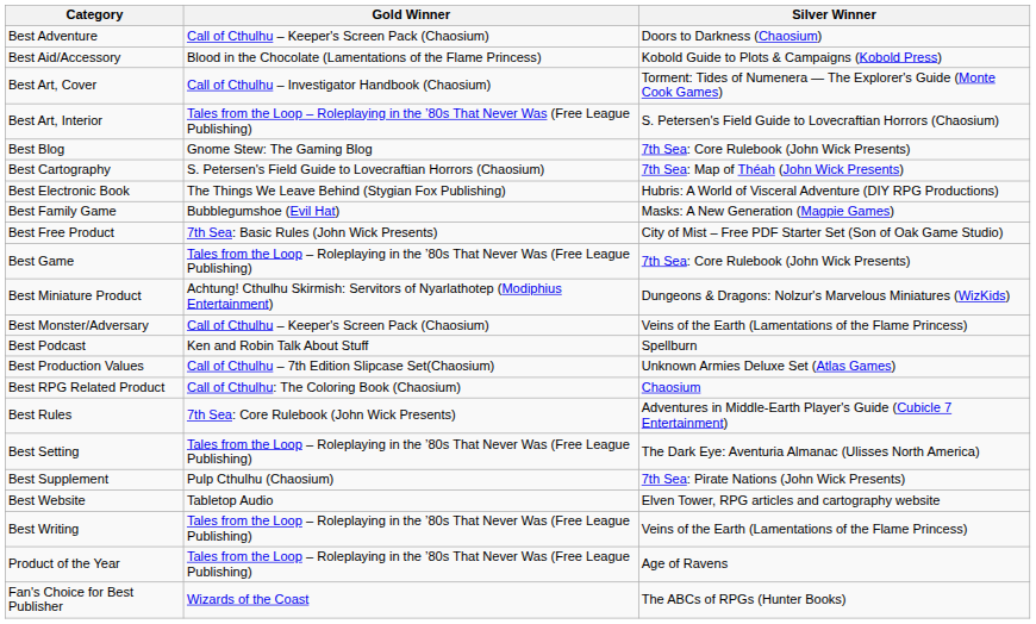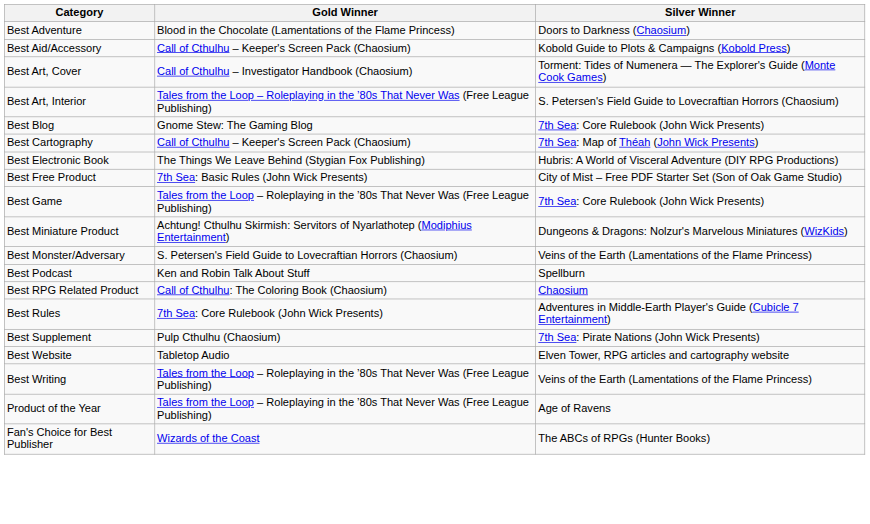 <table class="wikitable">
 <tr>
 <th>Category</th>
 <th>Gold Winner</th>
 <th>Silver Winner</th>
 </tr>
 <tr>
 <td>Best Adventure</td>
-<td><a href='#'>Call of Cthulhu</a> – Keeper's Screen Pack (Chaosium)</td>
+<td>Blood in the Chocolate (Lamentations of the Flame Princess)</td>
 <td>Doors to Darkness (<a href='#'>Chaosium</a>)</td>
 </tr>
 <tr>
 <td>Best Aid/Accessory</td>
-<td>Blood in the Chocolate (Lamentations of the Flame Princess)</td>
+<td><a href='#'>Call of Cthulhu</a> – Keeper's Screen Pack (Chaosium)</td>
 <td>Kobold Guide to Plots & Campaigns (<a href='#'>Kobold Press</a>)</td>
 </tr>
 <tr>
 <td>Best Art, Cover</td>
 <td><a href='#'>Call of Cthulhu</a> – Investigator Handbook (Chaosium)</td>
 <td>Torment: Tides of Numenera — The Explorer's Guide (<a href='#'>Monte Cook Games</a>)</td>
 </tr>
 <tr>
 <td>Best Art, Interior</td>
 <td><a href='#'>Tales from the Loop – Roleplaying in the ’80s That Never Was</a> (Free League Publishing)</td>
 <td>S. Petersen's Field Guide to Lovecraftian Horrors (Chaosium)</td>
 </tr>
 <tr>
 <td>Best Blog</td>
 <td>Gnome Stew: The Gaming Blog</td>
 <td><a href='#'>7th Sea</a>: Core Rulebook (John Wick Presents)</td>
 </tr>
 <tr>
 <td>Best Cartography</td>
-<td>S. Petersen's Field Guide to Lovecraftian Horrors (Chaosium)</td>
+<td><a href='#'>Call of Cthulhu</a> – Keeper's Screen Pack (Chaosium)</td>
 <td><a href='#'>7th Sea</a>: Map of <a href='#'>Théah</a> (<a href='#'>John Wick Presents</a>)</td>
 </tr>
 <tr>
 <td>Best Electronic Book</td>
 <td>The Things We Leave Behind (Stygian Fox Publishing)</td>
 <td>Hubris: A World of Visceral Adventure (DIY RPG Productions)</td>
-</tr>
-<tr>
-<td>Best Family Game</td>
-<td>Bubblegumshoe (<a href='#'>Evil Hat</a>)</td>
-<td>Masks: A New Generation (<a href='#'>Magpie Games</a>)</td>
 </tr>
 <tr>
 <td>Best Free Product</td>
 <td><a href='#'>7th Sea</a>: Basic Rules  (John Wick Presents)</td>
 <td>City of Mist – Free PDF Starter Set (Son of Oak Game Studio)</td>
 </tr>
 <tr>
 <td>Best Game</td>
 <td><a href='#'>Tales from the Loop</a> – Roleplaying in the ’80s That Never Was (Free League Publishing)</td>
 <td><a href='#'>7th Sea</a>: Core Rulebook (John Wick Presents)</td>
 </tr>
 <tr>
 <td>Best Miniature Product</td>
 <td>Achtung! Cthulhu Skirmish: Servitors of Nyarlathotep (<a href='#'>Modiphius Entertainment</a>)</td>
 <td>Dungeons & Dragons: Nolzur's Marvelous Miniatures (<a href='#'>WizKids</a>)</td>
 </tr>
 <tr>
 <td>Best Monster/Adversary</td>
-<td><a href='#'>Call of Cthulhu</a> – Keeper's Screen Pack (Chaosium)</td>
+<td>S. Petersen's Field Guide to Lovecraftian Horrors (Chaosium)</td>
 <td>Veins of the Earth (Lamentations of the Flame Princess)</td>
 </tr>
 <tr>
 <td>Best Podcast</td>
 <td>Ken and Robin Talk About Stuff</td>
 <td>Spellburn</td>
-</tr>
-<tr>
-<td>Best Production Values</td>
-<td><a href='#'>Call of Cthulhu</a> – 7th Edition Slipcase Set(Chaosium)</td>
-<td>Unknown Armies Deluxe Set (<a href='#'>Atlas Games</a>)</td>
 </tr>
 <tr>
 <td>Best RPG Related Product</td>
 <td><a href='#'>Call of Cthulhu</a>: The Coloring Book (Chaosium)</td>
 <td><a href='#'>Chaosium</a></td>
 </tr>
 <tr>
 <td>Best Rules</td>
 <td><a href='#'>7th Sea</a>: Core Rulebook (John Wick Presents)</td>
 <td>Adventures in Middle-Earth Player's Guide (<a href='#'>Cubicle 7 Entertainment</a>)</td>
-</tr>
-<tr>
-<td>Best Setting</td>
-<td><a href='#'>Tales from the Loop</a> – Roleplaying in the ’80s That Never Was (Free League Publishing)</td>
-<td>The Dark Eye: Aventuria Almanac (Ulisses North America)</td>
 </tr>
 <tr>
 <td>Best Supplement</td>
 <td>Pulp Cthulhu (Chaosium)</td>
 <td><a href='#'>7th Sea</a>: Pirate Nations (John Wick Presents)</td>
 </tr>
 <tr>
 <td>Best Website</td>
 <td>Tabletop Audio</td>
 <td>Elven Tower, RPG articles and cartography website</td>
 </tr>
 <tr>
 <td>Best Writing</td>
 <td><a href='#'>Tales from the Loop</a> – Roleplaying in the ’80s That Never Was (Free League Publishing)</td>
 <td>Veins of the Earth (Lamentations of the Flame Princess)</td>
 </tr>
 <tr>
 <td>Product of the Year</td>
 <td><a href='#'>Tales from the Loop</a> – Roleplaying in the ’80s That Never Was (Free League Publishing)</td>
 <td>Age of Ravens</td>
 </tr>
 <tr>
 <td>Fan's Choice for Best Publisher</td>
 <td><a href='#'>Wizards of the Coast</a></td>
 <td>The ABCs of RPGs (Hunter Books)</td>
 </tr>
 </table>
